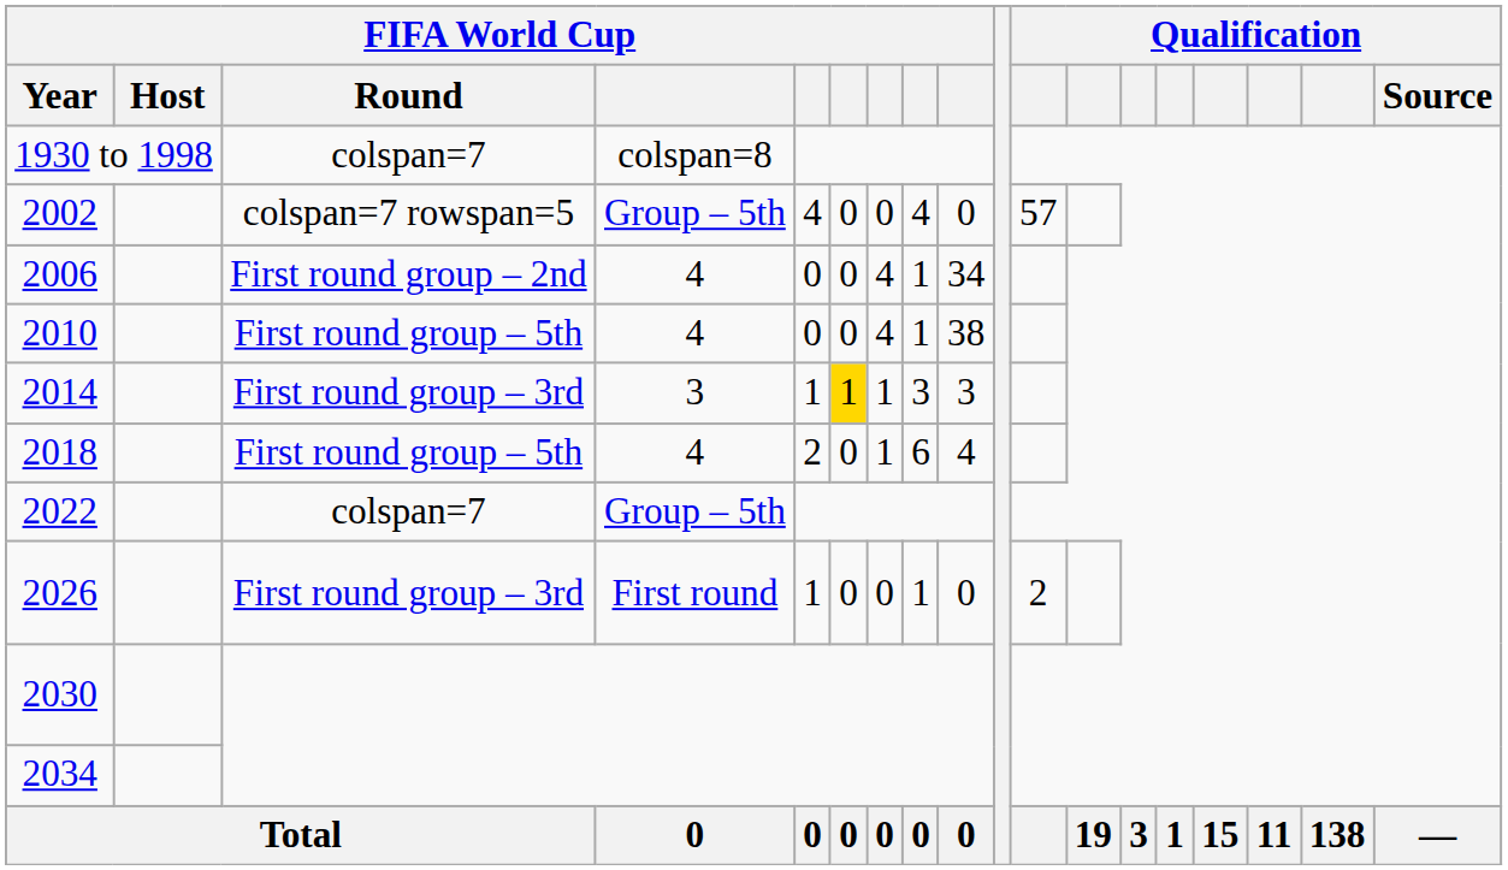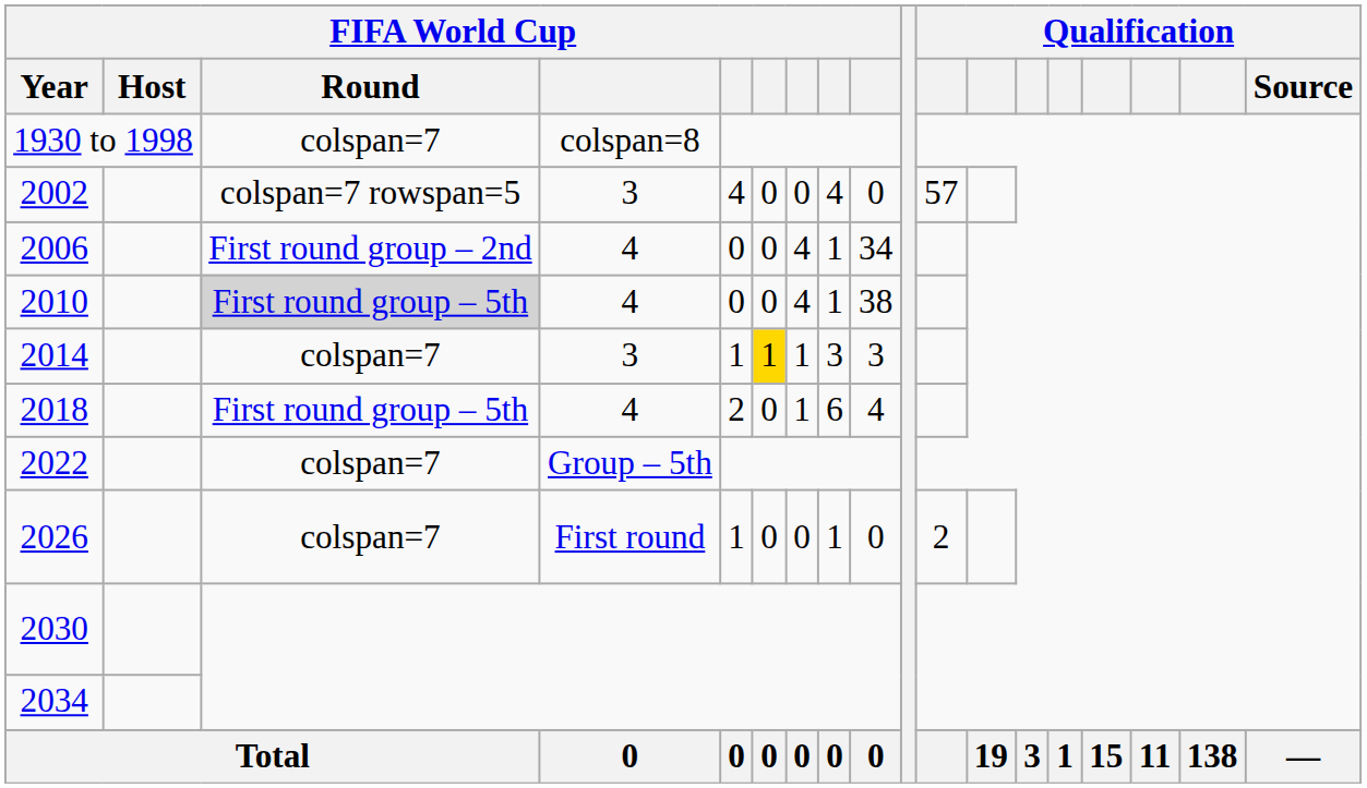 <table class="wikitable" style="text-align: center;font-size:100%;">
 <tr>
 <th colspan="9"><a href='#'>FIFA World Cup</a></th>
 <th rowspan="13"></th>
 <th colspan="8"><a href='#'>Qualification</a></th>
 </tr>
 <tr>
 <th>Year</th>
 <th>Host</th>
 <th>Round</th>
 <th></th>
 <th></th>
 <th></th>
 <th></th>
 <th></th>
 <th></th>
 <th></th>
 <th></th>
 <th></th>
 <th></th>
 <th></th>
 <th></th>
 <th></th>
 <th>Source</th>
 </tr>
 <tr>
 <td colspan=2><a href='#'>1930</a> to <a href='#'>1998</a></td>
 <td>colspan=7</td>
 <td>colspan=8</td>
 </tr>
 <tr>
 <td><a href='#'>2002</a></td>
 <td align=left><br></td>
 <td>colspan=7 rowspan=5</td>
-<td><a href='#'>Group – 5th</a></td>
+<td>3</td>
 <td>4</td>
 <td>0</td>
 <td>0</td>
 <td>4</td>
 <td>0</td>
 <td>57</td>
 <td></td>
 </tr>
 <tr>
 <td><a href='#'>2006</a></td>
 <td align=left></td>
 <td><a href='#'>First round group – 2nd</a></td>
 <td>4</td>
 <td>0</td>
 <td>0</td>
 <td>4</td>
 <td>1</td>
 <td>34</td>
 <td></td>
 </tr>
 <tr>
 <td><a href='#'>2010</a></td>
 <td align=left></td>
-<td><a href='#'>First round group – 5th</a></td>
+<td style="background: lightgrey;"><a href='#'>First round group – 5th</a></td>
 <td>4</td>
 <td>0</td>
 <td>0</td>
 <td>4</td>
 <td>1</td>
 <td>38</td>
 <td></td>
 </tr>
 <tr>
 <td><a href='#'>2014</a></td>
 <td align=left></td>
-<td><a href='#'>First round group – 3rd</a></td>
+<td>colspan=7</td>
 <td>3</td>
 <td>1</td>
 <td style="background: gold;">1</td>
 <td>1</td>
 <td>3</td>
 <td>3</td>
 <td></td>
 </tr>
 <tr>
 <td><a href='#'>2018</a></td>
 <td align=left></td>
 <td><a href='#'>First round group – 5th</a></td>
 <td>4</td>
 <td>2</td>
 <td>0</td>
 <td>1</td>
 <td>6</td>
 <td>4</td>
 <td></td>
 </tr>
 <tr>
 <td><a href='#'>2022</a></td>
 <td align=left></td>
 <td>colspan=7 </td>
 <td><a href='#'>Group – 5th</a></td>
 </tr>
 <tr>
 <td><a href='#'>2026</a></td>
 <td align=left><br><br></td>
-<td><a href='#'>First round group – 3rd</a></td>
+<td>colspan=7 </td>
 <td><a href='#'>First round</a></td>
 <td>1</td>
 <td>0</td>
 <td>0</td>
 <td>1</td>
 <td>0</td>
 <td>2</td>
 <td></td>
 </tr>
 <tr>
 <td><a href='#'>2030</a></td>
 <td align=left><br><br></td>
 </tr>
 <tr>
 <td><a href='#'>2034</a></td>
 <td align=left></td>
 </tr>
 <tr>
 <th colspan=3>Total</th>
 <th>0</th>
 <th>0</th>
 <th>0</th>
 <th>0</th>
 <th>0</th>
 <th>0</th>
 <th></th>
 <th>19</th>
 <th>3</th>
 <th>1</th>
 <th>15</th>
 <th>11</th>
 <th>138</th>
 <th>—</th>
 </tr>
 </table>
